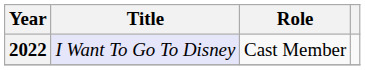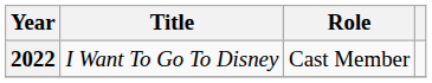 <table class="wikitable plainrowheaders">
 <tr>
 <th scope="col">Year</th>
 <th scope="col">Title</th>
 <th scope="col">Role</th>
 <th scope="col" class="unsortable"></th>
 </tr>
 <tr>
 <th scope="row">2022</th>
-<td style="background: lavender;"><em>I Want To Go To Disney</em></td>
+<td><em>I Want To Go To Disney</em></td>
 <td>Cast Member</td>
 <td></td>
 </tr>
 <tr>
 </tr>
 </table>
